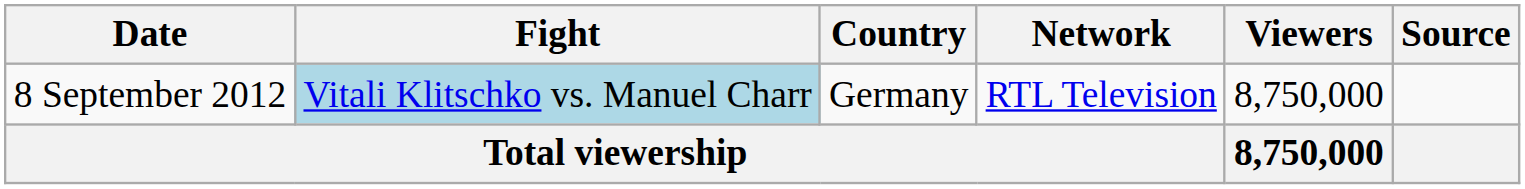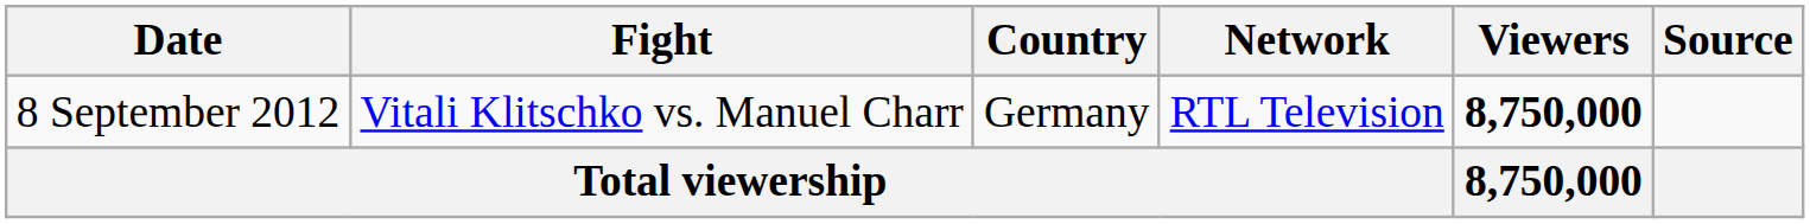 <table class="wikitable sortable">
 <tr>
 <th>Date</th>
 <th>Fight</th>
 <th>Country</th>
 <th>Network</th>
 <th>Viewers</th>
 <th class="unsortable">Source</th>
 </tr>
 <tr>
 <td>8 September 2012</td>
-<td style="background: lightblue;"><a href='#'>Vitali Klitschko</a> vs. Manuel Charr</td>
+<td><a href='#'>Vitali Klitschko</a> vs. Manuel Charr</td>
 <td>Germany</td>
 <td><a href='#'>RTL Television</a></td>
-<td>8,750,000</td>
+<td><strong>8,750,000</strong></td>
 <td></td>
 </tr>
 <tr>
 <th colspan="4">Total viewership</th>
 <th>8,750,000</th>
 <th></th>
 </tr>
 </table>
